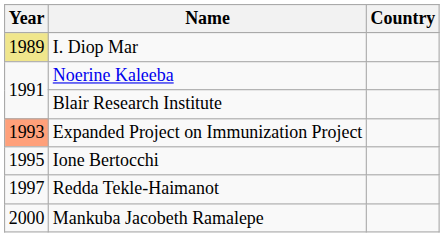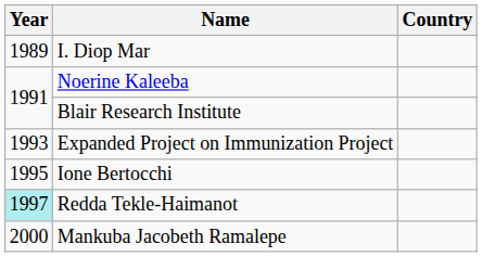 <table class="wikitable plainrowheaders sortable">
 <tr>
 <th>Year</th>
 <th>Name</th>
 <th>Country</th>
 </tr>
 <tr>
-<td style="background: khaki;">1989</td>
+<td>1989</td>
 <td>I. Diop Mar</td>
 <td></td>
 </tr>
 <tr>
 <td rowspan="2">1991</td>
 <td><a href='#'>Noerine Kaleeba</a></td>
 <td></td>
 </tr>
 <tr>
 <td>Blair Research Institute</td>
 <td></td>
 </tr>
 <tr>
-<td style="background: lightsalmon;">1993</td>
+<td>1993</td>
 <td>Expanded Project on Immunization Project</td>
 <td></td>
 </tr>
 <tr>
 <td>1995</td>
 <td>Ione Bertocchi</td>
 <td></td>
 </tr>
 <tr>
-<td>1997</td>
+<td style="background: paleturquoise;">1997</td>
 <td>Redda Tekle-Haimanot</td>
 <td></td>
 </tr>
 <tr>
 <td>2000</td>
 <td>Mankuba Jacobeth Ramalepe</td>
 <td></td>
 </tr>
 </table>
